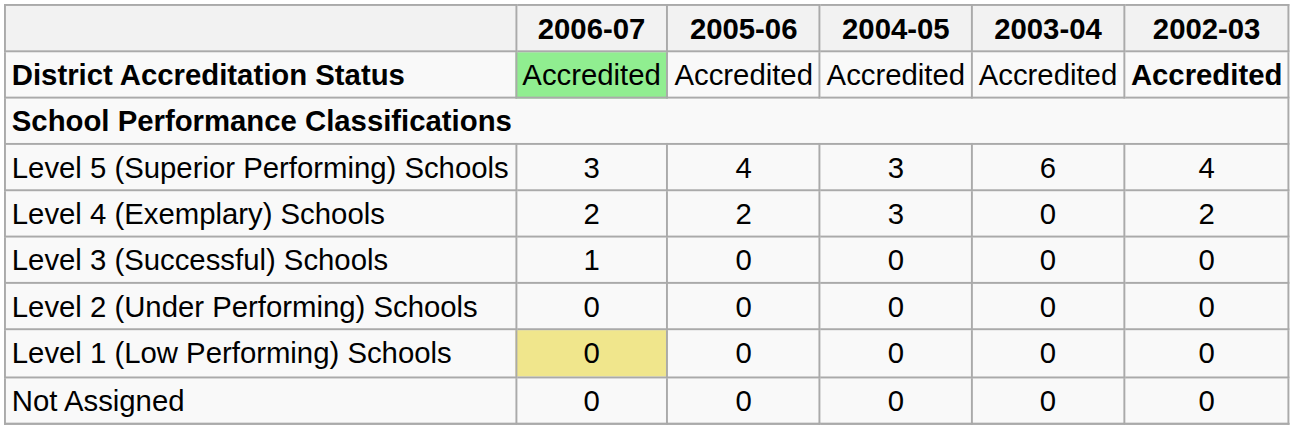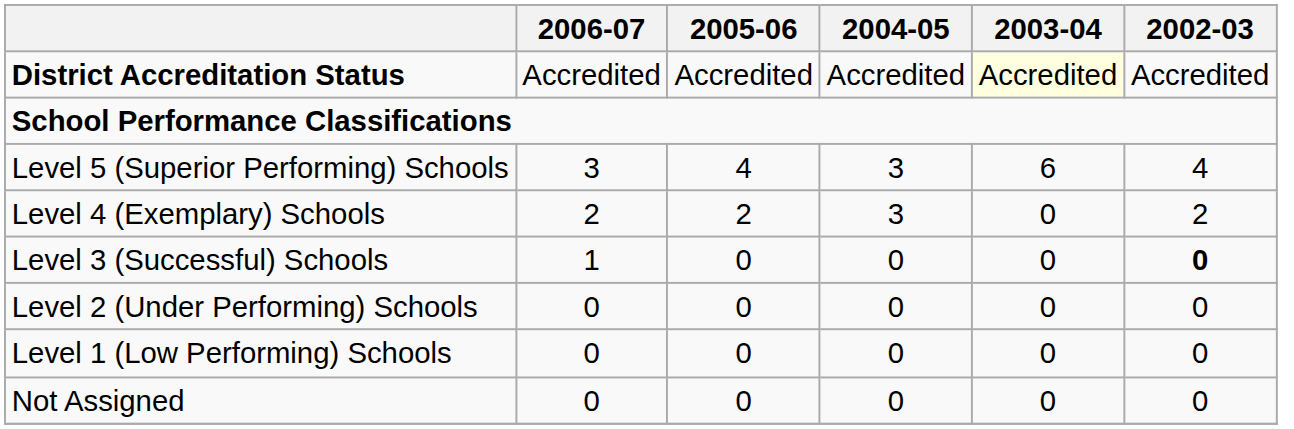 <table class="wikitable" style="font-size: 95%;">
 <tr>
 <th></th>
 <th>2006-07</th>
 <th>2005-06</th>
 <th>2004-05</th>
 <th>2003-04</th>
 <th>2002-03</th>
 </tr>
 <tr>
 <td align="left"><strong>District Accreditation Status</strong></td>
-<td align="center" style="background: lightgreen;">Accredited</td>
 <td align="center">Accredited</td>
 <td align="center">Accredited</td>
 <td align="center">Accredited</td>
-<td align="center"><strong>Accredited</strong></td>
+<td align="center" style="background: lightyellow;">Accredited</td>
+<td align="center">Accredited</td>
 </tr>
 <tr>
 <td align="left" colspan="6"><strong>School Performance Classifications</strong></td>
 </tr>
 <tr>
 <td align="left">Level 5 (Superior Performing) Schools</td>
 <td align="center">3</td>
 <td align="center">4</td>
 <td align="center">3</td>
 <td align="center">6</td>
 <td align="center">4</td>
 </tr>
 <tr>
 <td align="left">Level 4 (Exemplary) Schools</td>
 <td align="center">2</td>
 <td align="center">2</td>
 <td align="center">3</td>
 <td align="center">0</td>
 <td align="center">2</td>
 </tr>
 <tr>
 <td align="left">Level 3 (Successful) Schools</td>
 <td align="center">1</td>
 <td align="center">0</td>
 <td align="center">0</td>
 <td align="center">0</td>
-<td align="center">0</td>
+<td align="center"><strong>0</strong></td>
 </tr>
 <tr>
 <td align="left">Level 2 (Under Performing) Schools</td>
 <td align="center">0</td>
 <td align="center">0</td>
 <td align="center">0</td>
 <td align="center">0</td>
 <td align="center">0</td>
 </tr>
 <tr>
 <td align="left">Level 1 (Low Performing) Schools</td>
-<td align="center" style="background: khaki;">0</td>
+<td align="center">0</td>
 <td align="center">0</td>
 <td align="center">0</td>
 <td align="center">0</td>
 <td align="center">0</td>
 </tr>
 <tr>
 <td align="left">Not Assigned</td>
 <td align="center">0</td>
 <td align="center">0</td>
 <td align="center">0</td>
 <td align="center">0</td>
 <td align="center">0</td>
 </tr>
 <tr>
 </tr>
 </table>
